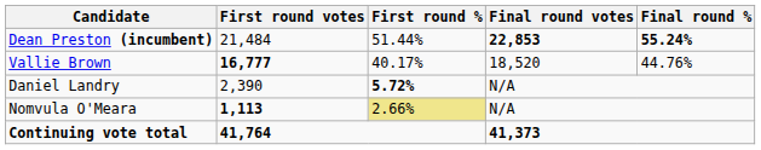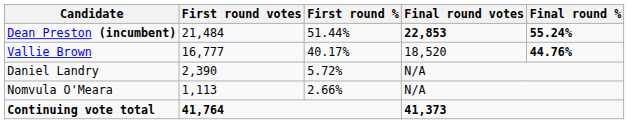 <table class="wikitable">
 <tr>
 <th>Candidate</th>
 <th>First round votes</th>
 <th>First round %</th>
 <th>Final round votes</th>
 <th>Final round %</th>
 </tr>
 <tr>
 <td><a href='#'>Dean Preston</a> <strong>(incumbent)</strong></td>
 <td>21,484</td>
 <td>51.44%</td>
 <td><strong>22,853</strong></td>
 <td><strong>55.24%</strong></td>
 </tr>
 <tr>
 <td><a href='#'>Vallie Brown</a></td>
-<td><strong>16,777</strong></td>
+<td>16,777</td>
 <td>40.17%</td>
 <td>18,520</td>
-<td>44.76%</td>
+<td><strong>44.76%</strong></td>
 </tr>
 <tr>
 <td>Daniel Landry</td>
 <td>2,390</td>
-<td><strong>5.72%</strong></td>
+<td>5.72%</td>
 <td colspan="2">N/A</td>
 </tr>
 <tr>
 <td>Nomvula O'Meara</td>
-<td><strong>1,113</strong></td>
-<td style="background: khaki;">2.66%</td>
+<td>1,113</td>
+<td>2.66%</td>
 <td colspan="2">N/A</td>
 </tr>
 <tr>
 <td><strong>Continuing vote total</strong></td>
 <td colspan="2"><strong>41,764</strong></td>
 <td colspan="2"><strong>41,373</strong></td>
 </tr>
 </table>
